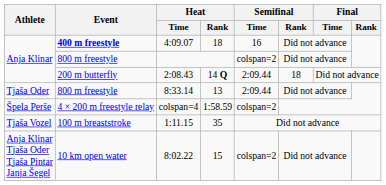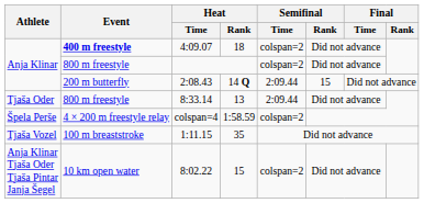 <table class=wikitable style="font-size:90%">
 <tr>
 <th rowspan="2">Athlete</th>
 <th rowspan="2">Event</th>
 <th colspan="2">Heat</th>
 <th colspan="2">Semifinal</th>
 <th colspan="2">Final</th>
 </tr>
 <tr style="font-size:95%">
 <th>Time</th>
 <th>Rank</th>
 <th>Time</th>
 <th>Rank</th>
 <th>Time</th>
 <th>Rank</th>
 </tr>
 <tr align=center>
 <td align=left rowspan=3><a href='#'>Anja Klinar</a></td>
 <td align=left><strong><a href='#'>400 m freestyle</a></strong></td>
 <td>4:09.07</td>
 <td>18</td>
-<td>16</td>
+<td>colspan=2 </td>
 <td colspan=2>Did not advance</td>
 </tr>
 <tr align=center>
 <td align=left><a href='#'>800 m freestyle</a></td>
 <td colspan=2></td>
 <td>colspan=2 </td>
 <td colspan=2>Did not advance</td>
 </tr>
 <tr align=center>
 <td align=left><a href='#'>200 m butterfly</a></td>
 <td>2:08.43</td>
 <td>14 <strong>Q</strong></td>
 <td>2:09.44</td>
-<td>18</td>
+<td>15</td>
 <td colspan=2>Did not advance</td>
 </tr>
 <tr align=center>
 <td align=left><a href='#'>Tjaša Oder</a></td>
 <td align=left><a href='#'>800 m freestyle</a></td>
 <td>8:33.14</td>
 <td>13</td>
 <td>2:09.44</td>
 <td colspan=2>Did not advance</td>
 </tr>
 <tr align=center>
 <td align=left><a href='#'>Špela Perše</a></td>
 <td align=left><a href='#'>4 × 200 m freestyle relay</a></td>
 <td>colspan=4 </td>
 <td>1:58.59</td>
 <td>colspan=2 </td>
 </tr>
 <tr align=center>
 <td align=left><a href='#'>Tjaša Vozel</a></td>
 <td align=left><a href='#'>100 m breaststroke</a></td>
 <td>1:11.15</td>
 <td>35</td>
 <td colspan=4>Did not advance</td>
 </tr>
 <tr align=center>
 <td align=left><a href='#'>Anja Klinar</a><br><a href='#'>Tjaša Oder</a><br><a href='#'>Tjaša Pintar</a><br><a href='#'>Janja Šegel</a></td>
 <td align=left><a href='#'>10 km open water</a></td>
 <td>8:02.22</td>
 <td>15</td>
 <td>colspan=2 </td>
 <td colspan=2>Did not advance</td>
 </tr>
 </table>
